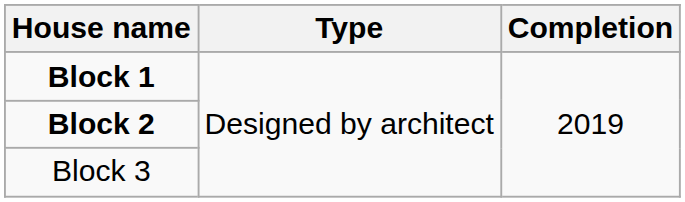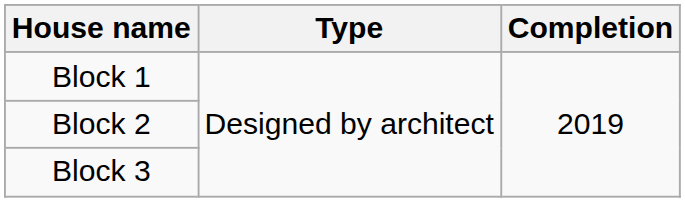 <table class="wikitable" style="text-align: center;">
 <tr>
 <th>House name</th>
 <th>Type</th>
 <th>Completion</th>
 </tr>
 <tr>
-<td><strong>Block 1</strong></td>
+<td>Block 1</td>
 <td rowspan="3">Designed by architect</td>
 <td rowspan="3">2019</td>
 </tr>
 <tr>
-<td><strong>Block 2</strong></td>
+<td>Block 2</td>
 </tr>
 <tr>
 <td>Block 3</td>
 </tr>
 </table>
